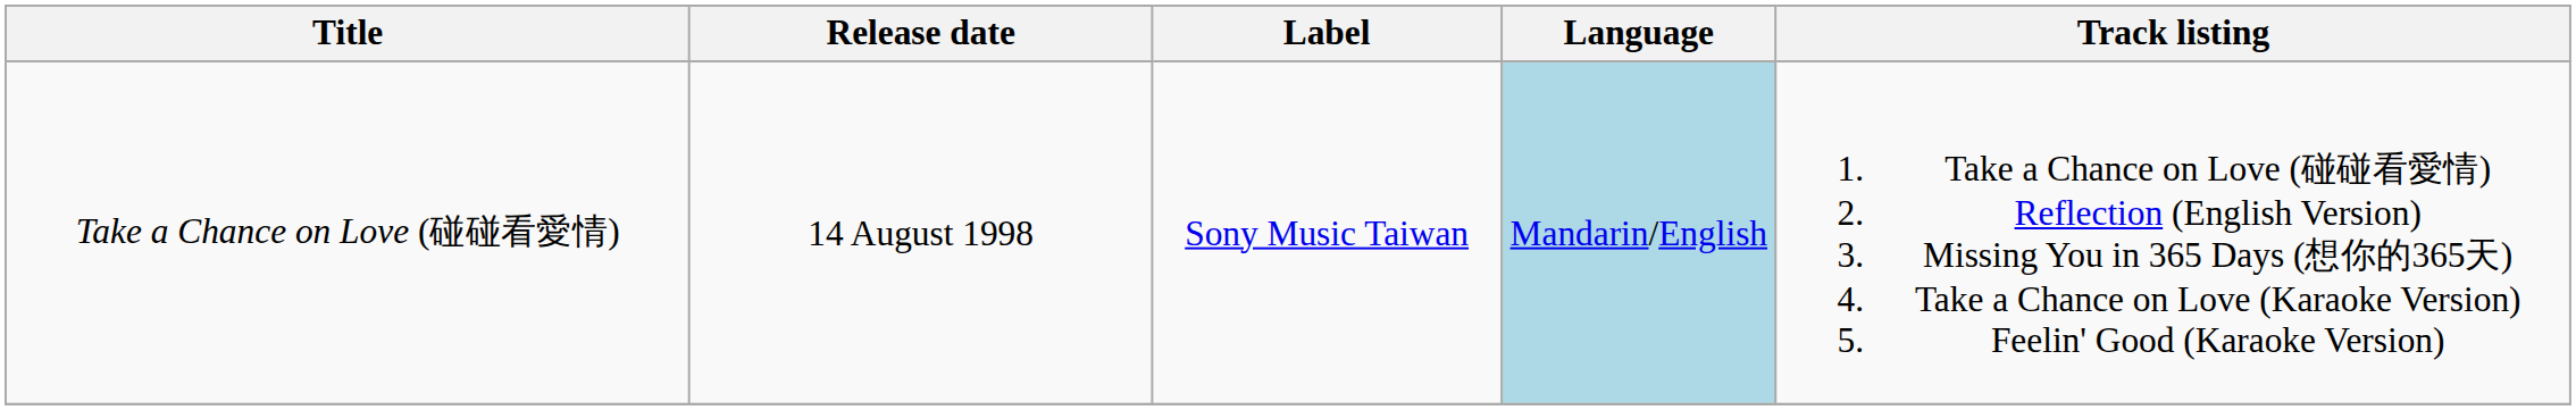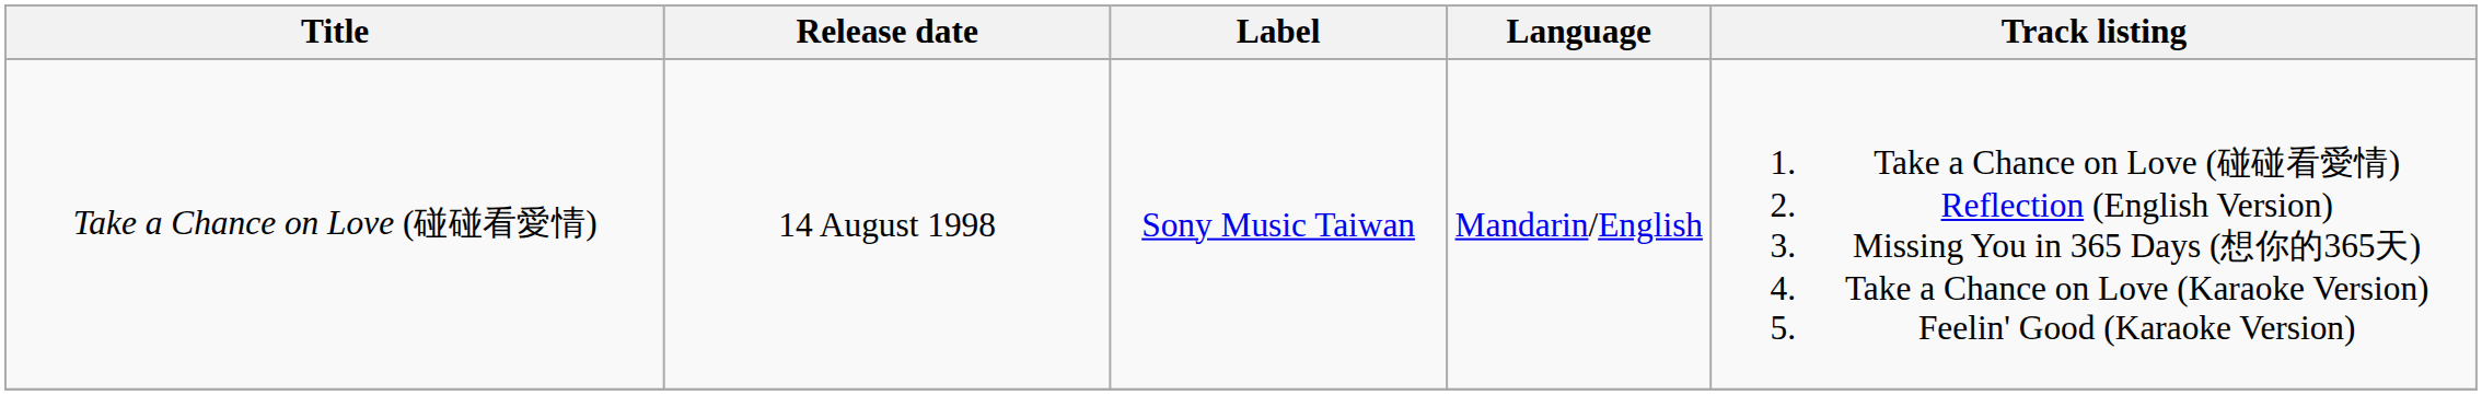 <table class="wikitable" style="text-align:center;">
 <tr>
 <th align="left" width="300px">Title</th>
 <th align="left" width="200px">Release date</th>
 <th align="left" width="150px">Label</th>
 <th align="left" width="100px">Language</th>
 <th align="left" width="350px">Track listing</th>
 </tr>
 <tr>
 <td><em>Take a Chance on Love</em> (碰碰看愛情)</td>
 <td>14 August 1998</td>
 <td><a href='#'>Sony Music Taiwan</a></td>
-<td style="background: lightblue;"><a href='#'>Mandarin</a>/<a href='#'>English</a></td>
+<td><a href='#'>Mandarin</a>/<a href='#'>English</a></td>
 <td><br><ol><li>Take a Chance on Love (碰碰看愛情)</li><li><a href='#'>Reflection</a> (English Version)</li><li>Missing You in 365 Days (想你的365天)</li><li>Take a Chance on Love (Karaoke Version)</li><li>Feelin' Good (Karaoke Version)</li></ol></td>
 </tr>
 <tr>
 </tr>
 </table>
